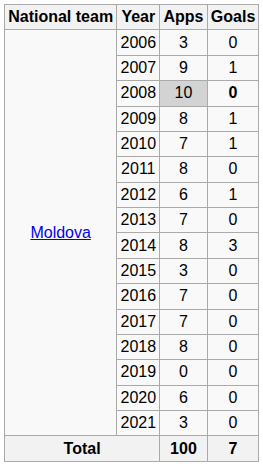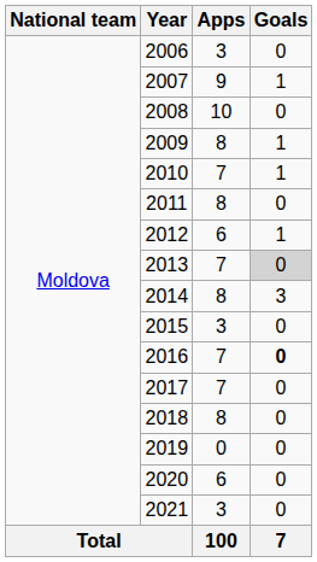 <table class="wikitable" style="text-align:center">
 <tr>
 <th>National team</th>
 <th>Year</th>
 <th>Apps</th>
 <th>Goals</th>
 </tr>
 <tr>
 <td rowspan=16><a href='#'>Moldova</a></td>
 <td>2006</td>
 <td>3</td>
 <td>0</td>
 </tr>
 <tr>
 <td>2007</td>
 <td>9</td>
 <td>1</td>
 </tr>
 <tr>
 <td>2008</td>
-<td style="background: lightgrey;">10</td>
-<td><strong>0</strong></td>
+<td>10</td>
+<td>0</td>
 </tr>
 <tr>
 <td>2009</td>
 <td>8</td>
 <td>1</td>
 </tr>
 <tr>
 <td>2010</td>
 <td>7</td>
 <td>1</td>
 </tr>
 <tr>
 <td>2011</td>
 <td>8</td>
 <td>0</td>
 </tr>
 <tr>
 <td>2012</td>
 <td>6</td>
 <td>1</td>
 </tr>
 <tr>
 <td>2013</td>
 <td>7</td>
-<td>0</td>
+<td style="background: lightgrey;">0</td>
 </tr>
 <tr>
 <td>2014</td>
 <td>8</td>
 <td>3</td>
 </tr>
 <tr>
 <td>2015</td>
 <td>3</td>
 <td>0</td>
 </tr>
 <tr>
 <td>2016</td>
 <td>7</td>
-<td>0</td>
+<td><strong>0</strong></td>
 </tr>
 <tr>
 <td>2017</td>
 <td>7</td>
 <td>0</td>
 </tr>
 <tr>
 <td>2018</td>
 <td>8</td>
 <td>0</td>
 </tr>
 <tr>
 <td>2019</td>
 <td>0</td>
 <td>0</td>
 </tr>
 <tr>
 <td>2020</td>
 <td>6</td>
 <td>0</td>
 </tr>
 <tr>
 <td>2021</td>
 <td>3</td>
 <td>0</td>
 </tr>
 <tr>
 <th colspan=2>Total</th>
 <th>100</th>
 <th>7</th>
 </tr>
 </table>
